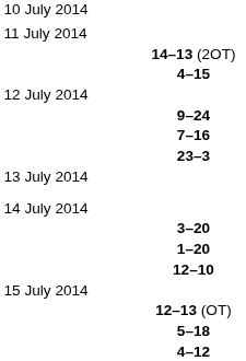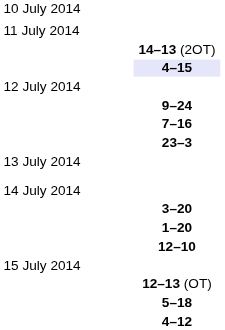 <table>
 <tr>
 <th width=150></th>
 <th width=100></th>
 <th width=150></th>
 </tr>
 <tr>
 <td>10 July 2014</td>
 </tr>
 <tr>
 <td align=right><strong> </strong></td>
 <td align=center></td>
 <td></td>
 </tr>
 <tr>
 <td>11 July 2014</td>
 </tr>
 <tr>
 <td align=right><strong> </strong></td>
 <td align=center><strong>14–13</strong> (2OT)</td>
 <td></td>
 </tr>
 <tr>
 <td align=right></td>
-<td align=center><strong>4–15</strong></td>
+<td align=center style="background: lavender;"><strong>4–15</strong></td>
 <td><strong> </strong></td>
 </tr>
 <tr>
 <td>12 July 2014</td>
 </tr>
 <tr>
 <td align=right></td>
 <td align=center><strong>9–24</strong></td>
 <td><strong> </strong></td>
 </tr>
 <tr>
 <td align=right></td>
 <td align=center><strong>7–16</strong></td>
 <td><strong> </strong></td>
 </tr>
 <tr>
 <td align=right><strong> </strong></td>
 <td align=center><strong>23–3</strong></td>
 <td></td>
 </tr>
 <tr>
 <td>13 July 2014</td>
 </tr>
 <tr>
 <td align=right><strong> </strong></td>
 <td align=center></td>
 <td></td>
 </tr>
 <tr>
 <td align=right></td>
 <td align=center></td>
 <td><strong> </strong></td>
 </tr>
 <tr>
 <td align=right></td>
 <td align=center></td>
 <td><strong></strong></td>
 </tr>
 <tr>
 <td>14 July 2014</td>
 </tr>
 <tr>
 <td align=right></td>
 <td align=center><strong>3–20</strong></td>
 <td><strong> </strong></td>
 </tr>
 <tr>
 <td align=right></td>
 <td align=center><strong>1–20</strong></td>
 <td><strong> </strong></td>
 </tr>
 <tr>
 <td align=right><strong></strong></td>
 <td align=center><strong>12–10</strong></td>
 <td></td>
 </tr>
 <tr>
 <td>15 July 2014</td>
 </tr>
 <tr>
 <td align=right></td>
 <td align=center><strong>12–13</strong> (OT)</td>
 <td><strong> </strong></td>
 </tr>
 <tr>
 <td align=right></td>
 <td align=center><strong>5–18</strong></td>
 <td><strong> </strong></td>
 </tr>
 <tr>
 <td align=right></td>
 <td align=center><strong>4–12</strong></td>
 <td><strong> </strong></td>
 </tr>
 </table>
